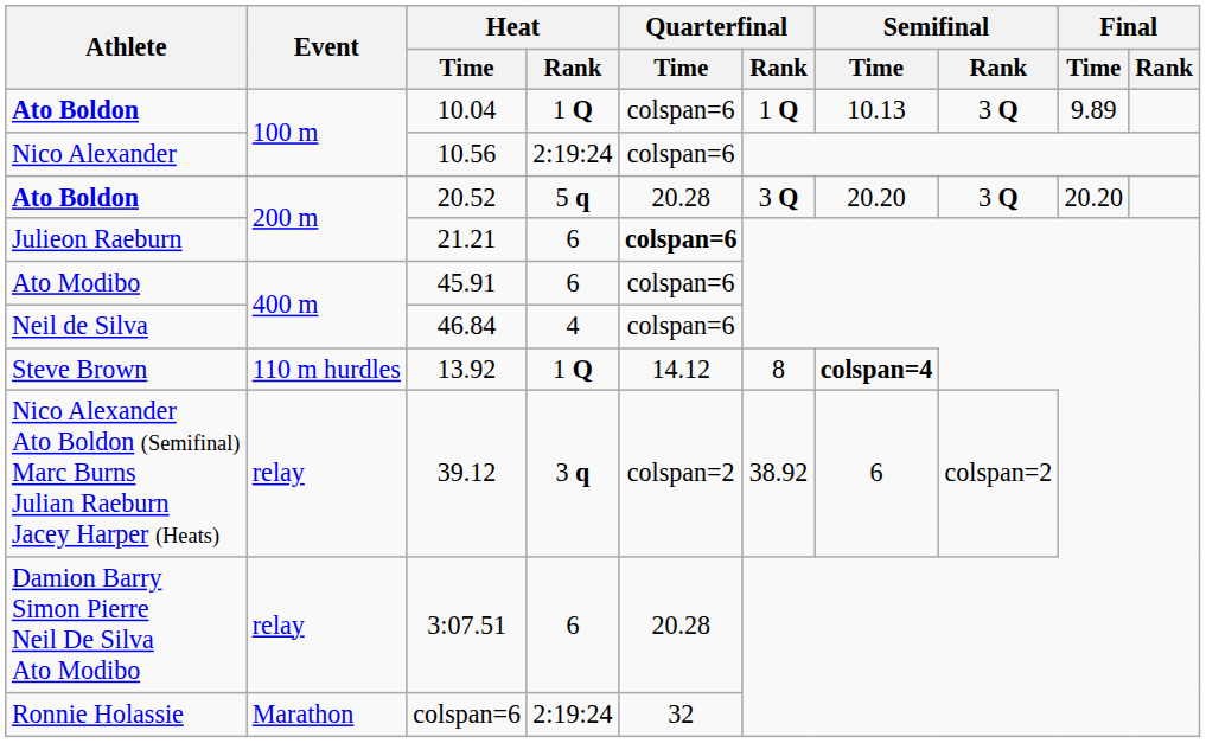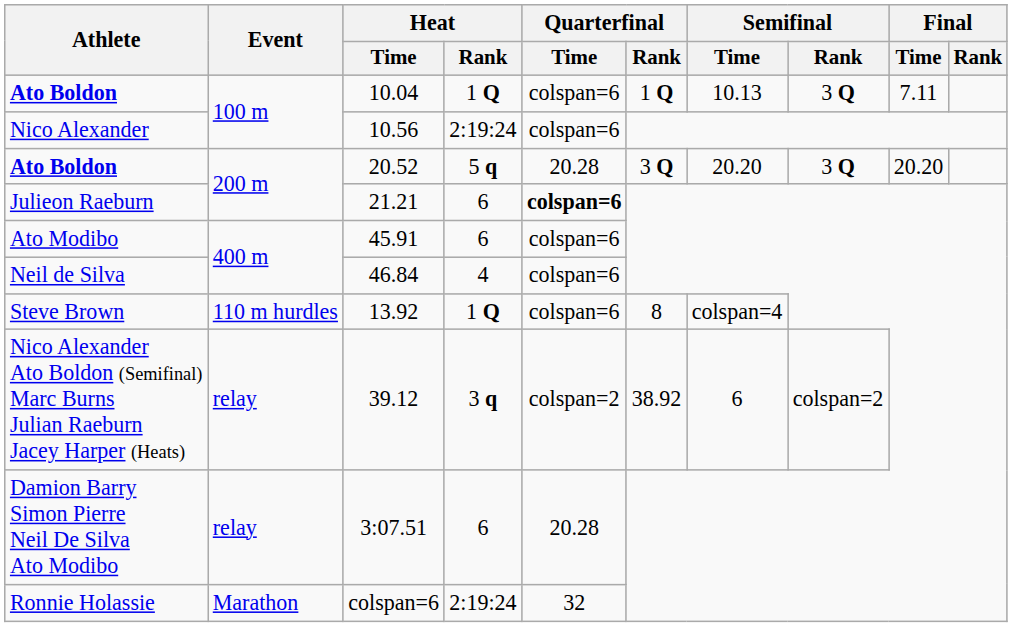 <table class=wikitable style=font-size:90%;text-align:center>
 <tr>
 <th rowspan=2>Athlete</th>
 <th rowspan=2>Event</th>
 <th colspan=2>Heat</th>
 <th colspan=2>Quarterfinal</th>
 <th colspan=2>Semifinal</th>
 <th colspan=2>Final</th>
 </tr>
 <tr style=font-size:95%>
 <th>Time</th>
 <th>Rank</th>
 <th>Time</th>
 <th>Rank</th>
 <th>Time</th>
 <th>Rank</th>
 <th>Time</th>
 <th>Rank</th>
 </tr>
 <tr>
 <td align=left><strong><a href='#'>Ato Boldon</a></strong></td>
 <td align=left rowspan=2><a href='#'>100 m</a></td>
 <td>10.04</td>
 <td>1 <strong>Q</strong></td>
 <td>colspan=6 </td>
 <td>1 <strong>Q</strong></td>
 <td>10.13</td>
 <td>3 <strong>Q</strong></td>
-<td>9.89</td>
+<td>7.11</td>
 <td></td>
 </tr>
 <tr>
 <td align=left><a href='#'>Nico Alexander</a></td>
 <td>10.56</td>
 <td>2:19:24</td>
 <td>colspan=6 </td>
 </tr>
 <tr>
 <td align=left><strong><a href='#'>Ato Boldon</a></strong></td>
 <td align=left rowspan=2><a href='#'>200 m</a></td>
 <td>20.52</td>
 <td>5 <strong>q</strong></td>
 <td>20.28</td>
 <td>3 <strong>Q</strong></td>
 <td>20.20</td>
 <td>3 <strong>Q</strong></td>
 <td>20.20</td>
 <td></td>
 </tr>
 <tr>
 <td align=left><a href='#'>Julieon Raeburn</a></td>
 <td>21.21</td>
 <td>6</td>
 <td><strong>colspan=6 </strong></td>
 </tr>
 <tr>
 <td align=left><a href='#'>Ato Modibo</a></td>
 <td align=left rowspan=2><a href='#'>400 m</a></td>
 <td>45.91</td>
 <td>6</td>
 <td>colspan=6 </td>
 </tr>
 <tr>
 <td align=left><a href='#'>Neil de Silva</a></td>
 <td>46.84</td>
 <td>4</td>
 <td>colspan=6 </td>
 </tr>
 <tr>
 <td align=left><a href='#'>Steve Brown</a></td>
 <td align=left><a href='#'>110 m hurdles</a></td>
 <td>13.92</td>
 <td>1 <strong>Q</strong></td>
-<td>14.12</td>
+<td>colspan=6 </td>
 <td>8</td>
-<td><strong>colspan=4 </strong></td>
+<td>colspan=4 </td>
 </tr>
 <tr>
 <td align=left><a href='#'>Nico Alexander</a><br><a href='#'>Ato Boldon</a> <small>(Semifinal)</small><br><a href='#'>Marc Burns</a><br><a href='#'>Julian Raeburn</a><br><a href='#'>Jacey Harper</a> <small>(Heats)</small></td>
 <td align=left><a href='#'> relay</a></td>
 <td>39.12</td>
 <td>3 <strong>q</strong></td>
 <td>colspan=2 </td>
 <td>38.92</td>
 <td>6</td>
 <td>colspan=2 </td>
 </tr>
 <tr>
 <td align=left><a href='#'>Damion Barry</a><br><a href='#'>Simon Pierre</a><br><a href='#'>Neil De Silva</a><br><a href='#'>Ato Modibo</a></td>
 <td align=left><a href='#'> relay</a></td>
 <td>3:07.51</td>
 <td>6</td>
 <td>20.28</td>
 </tr>
 <tr>
 <td align=left><a href='#'>Ronnie Holassie</a></td>
 <td align=left><a href='#'>Marathon</a></td>
 <td>colspan=6 </td>
 <td>2:19:24</td>
 <td>32</td>
 </tr>
 </table>
